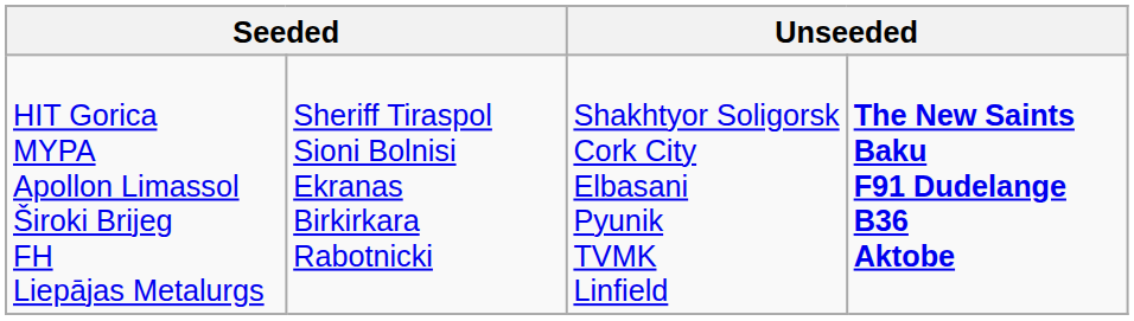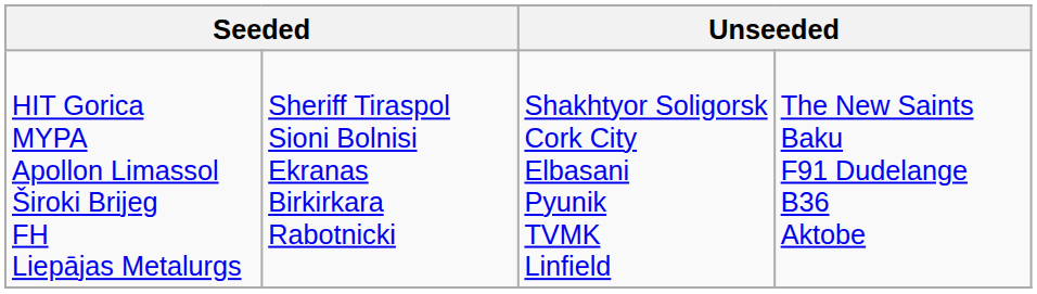 <table class="wikitable" style="font-size:80%">
 <tr>
 <th colspan=2>Seeded</th>
 <th colspan=2>Unseeded</th>
 </tr>
 <tr>
 <td width=25% valign=top><br> <a href='#'>HIT Gorica</a> <br>  <a href='#'>MYPA</a><br>  <a href='#'>Apollon Limassol</a><br>  <a href='#'>Široki Brijeg</a><br>  <a href='#'>FH</a> <br>  <a href='#'>Liepājas Metalurgs</a></td>
 <td width=25% valign=top><br> <a href='#'>Sheriff Tiraspol</a> <br>  <a href='#'>Sioni Bolnisi</a><br>  <a href='#'>Ekranas</a> <br>  <a href='#'>Birkirkara</a><br>  <a href='#'>Rabotnicki</a></td>
 <td width=25% valign=top><br> <a href='#'>Shakhtyor Soligorsk</a><br>  <a href='#'>Cork City</a><br>  <a href='#'>Elbasani</a><br>  <a href='#'>Pyunik</a> <br>  <a href='#'>TVMK</a> <br>  <a href='#'>Linfield</a></td>
-<td width=25% valign=top><strong><br> <a href='#'>The New Saints</a><br>  <a href='#'>Baku</a><br>  <a href='#'>F91 Dudelange</a><br>  <a href='#'>B36</a> <br>  <a href='#'>Aktobe</a></strong></td>
+<td width=25% valign=top><br> <a href='#'>The New Saints</a><br>  <a href='#'>Baku</a><br>  <a href='#'>F91 Dudelange</a><br>  <a href='#'>B36</a> <br>  <a href='#'>Aktobe</a></td>
 </tr>
 </table>
